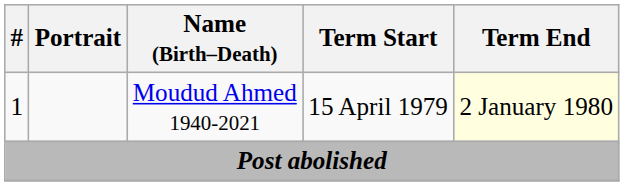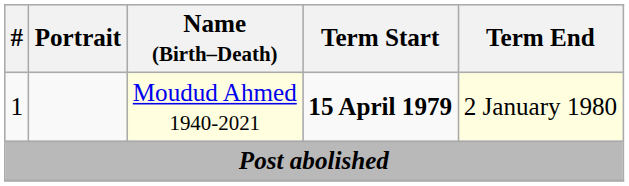 <table class="wikitable" style="text-align:center">
 <tr>
 <th>#</th>
 <th>Portrait</th>
 <th>Name<br><strong><small>(Birth–Death)</small></strong></th>
 <th>Term Start</th>
 <th>Term End</th>
 </tr>
 <tr>
 <td>1</td>
 <td></td>
-<td><a href='#'>Moudud Ahmed</a><br><small>1940-2021</small></td>
-<td>15 April 1979</td>
+<td style="background: lightyellow;"><a href='#'>Moudud Ahmed</a><br><small>1940-2021</small></td>
+<td><strong>15 April 1979</strong></td>
 <td style="background: lightyellow;">2 January 1980</td>
 </tr>
 <tr>
 <td colspan=8 style="background:#B9B9B9; text-align:center;"><strong><em>Post abolished</em></strong></td>
 </tr>
 <tr>
 </tr>
 </table>
